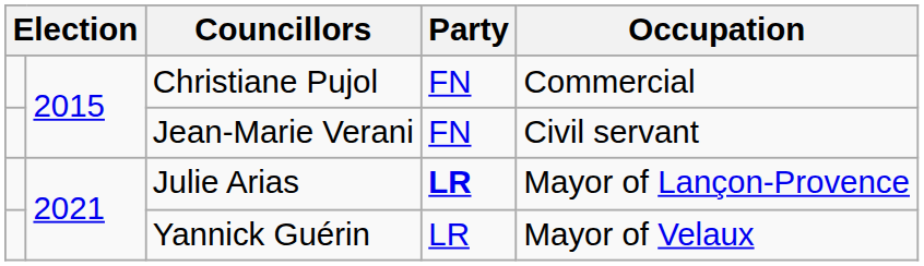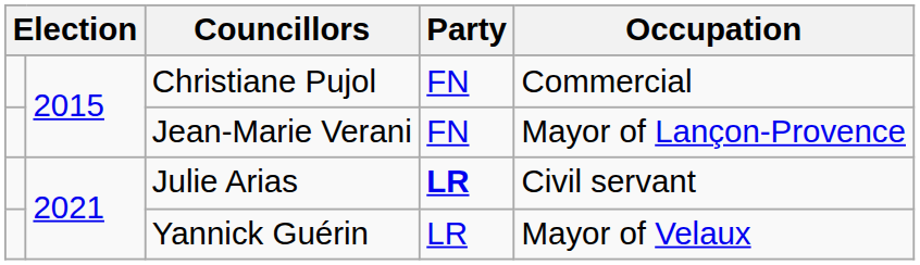 <table class="wikitable">
 <tr>
 <th colspan="2">Election</th>
 <th>Councillors</th>
 <th>Party</th>
 <th>Occupation</th>
 </tr>
 <tr>
 <td style="background-color: "></td>
 <td rowspan="2"><a href='#'>2015</a></td>
 <td>Christiane Pujol</td>
 <td><a href='#'>FN</a></td>
 <td>Commercial</td>
 </tr>
 <tr>
 <td style="background-color: "></td>
 <td>Jean-Marie Verani</td>
 <td><a href='#'>FN</a></td>
-<td>Civil servant</td>
+<td>Mayor of <a href='#'>Lançon-Provence</a></td>
 </tr>
 <tr>
 <td style="background-color: "></td>
 <td rowspan="2"><a href='#'>2021</a></td>
 <td>Julie Arias</td>
 <td><strong><a href='#'>LR</a></strong></td>
-<td>Mayor of <a href='#'>Lançon-Provence</a></td>
+<td>Civil servant</td>
 </tr>
 <tr>
 <td style="background-color: "></td>
 <td>Yannick Guérin</td>
 <td><a href='#'>LR</a></td>
 <td>Mayor of <a href='#'>Velaux</a></td>
 </tr>
 </table>
